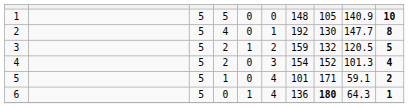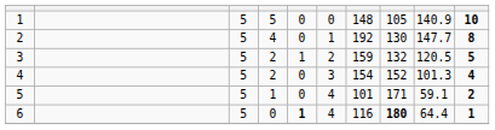 <table class="wikitable" style="text-align:center; font-size:95%">
 <tr>
 <th width="25"></th>
 <th width="200"></th>
 <th width="25"></th>
 <th width="25"></th>
 <th width="25"></th>
 <th width="25"></th>
 <th width="30"></th>
 <th width="30"></th>
 <th width="30"></th>
 <th width="30"></th>
 </tr>
 <tr style="background:#">
 <td>1</td>
 <td style="text-align:left"></td>
 <td>5</td>
 <td>5</td>
 <td>0</td>
 <td>0</td>
 <td>148</td>
 <td>105</td>
 <td>140.9</td>
 <td><strong>10</strong></td>
 </tr>
 <tr style="background:#">
 <td>2</td>
 <td style="text-align:left"></td>
 <td>5</td>
 <td>4</td>
 <td>0</td>
 <td>1</td>
 <td>192</td>
 <td>130</td>
 <td>147.7</td>
 <td><strong>8</strong></td>
 </tr>
 <tr style="background:#">
 <td>3</td>
 <td style="text-align:left"></td>
 <td>5</td>
 <td>2</td>
 <td>1</td>
 <td>2</td>
 <td>159</td>
 <td>132</td>
 <td>120.5</td>
 <td><strong>5</strong></td>
 </tr>
 <tr style="background:#">
 <td>4</td>
 <td style="text-align:left"></td>
 <td>5</td>
 <td>2</td>
 <td>0</td>
 <td>3</td>
 <td>154</td>
 <td>152</td>
 <td>101.3</td>
 <td><strong>4</strong></td>
 </tr>
 <tr style="background-color:#">
 <td>5</td>
 <td style="text-align:left"></td>
 <td>5</td>
 <td>1</td>
 <td>0</td>
 <td>4</td>
 <td>101</td>
 <td>171</td>
 <td>59.1</td>
 <td><strong>2</strong></td>
 </tr>
 <tr style="background-color:#">
 <td>6</td>
 <td style="text-align:left"></td>
 <td>5</td>
 <td>0</td>
-<td>1</td>
+<td><strong>1</strong></td>
 <td>4</td>
-<td>136</td>
+<td>116</td>
 <td><strong>180</strong></td>
-<td>64.3</td>
+<td>64.4</td>
 <td><strong>1</strong></td>
 </tr>
 <tr>
 </tr>
 </table>
